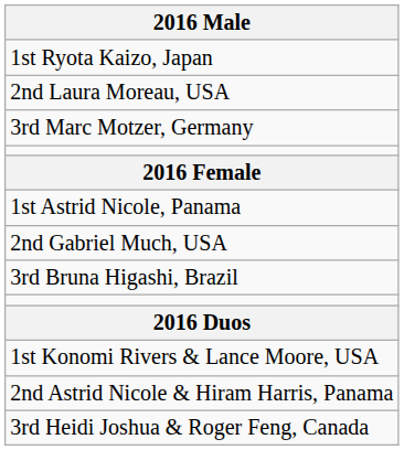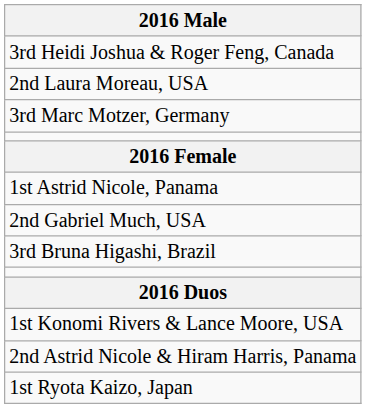 <table class="wikitable" style="float:left; margin-right:1em">
 <tr>
 <th>2016 Male</th>
 </tr>
 <tr>
-<td>1st Ryota Kaizo, Japan</td>
+<td>3rd Heidi Joshua & Roger Feng, Canada</td>
 </tr>
 <tr>
 <td>2nd Laura Moreau, USA</td>
 </tr>
 <tr>
 <td>3rd Marc Motzer, Germany</td>
 </tr>
 <tr>
 <td></td>
 </tr>
 <tr>
 <th>2016 Female</th>
 </tr>
 <tr>
 <td>1st Astrid Nicole, Panama</td>
 </tr>
 <tr>
 <td>2nd Gabriel Much, USA</td>
 </tr>
 <tr>
 <td>3rd Bruna Higashi, Brazil</td>
 </tr>
 <tr>
 <td></td>
 </tr>
 <tr>
 <th>2016 Duos</th>
 </tr>
 <tr>
 <td>1st Konomi Rivers & Lance Moore, USA</td>
 </tr>
 <tr>
 <td>2nd Astrid Nicole & Hiram Harris, Panama</td>
 </tr>
 <tr>
-<td>3rd Heidi Joshua & Roger Feng, Canada</td>
+<td>1st Ryota Kaizo, Japan</td>
 </tr>
 </table>
